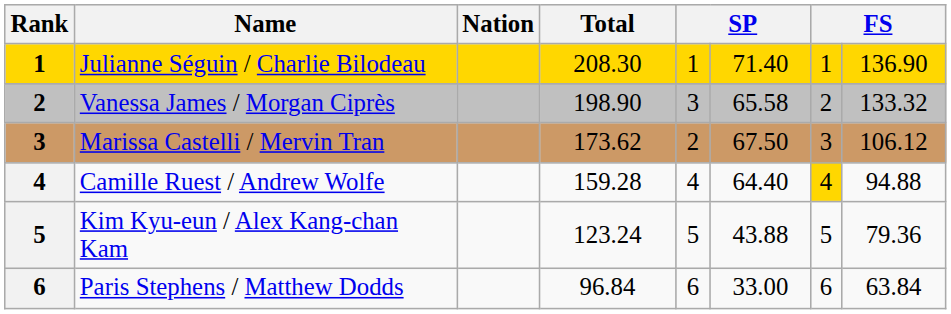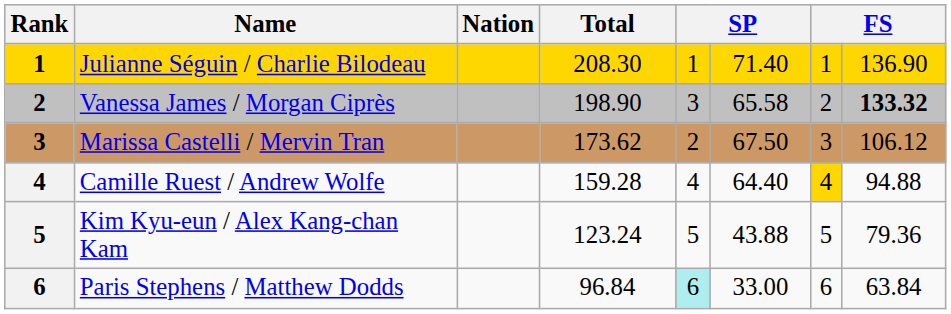 <table class="wikitable sortable">
 <tr>
 <th>Rank</th>
 <th>Name</th>
 <th>Nation</th>
 <th width="80px">Total</th>
 <th colspan="2" width="80px"><a href='#'>SP</a></th>
 <th colspan="2" width="80px"><a href='#'>FS</a></th>
 </tr>
 <tr bgcolor="gold">
 <td align="center"><strong>1</strong></td>
 <td><a href='#'>Julianne Séguin</a> / <a href='#'>Charlie Bilodeau</a></td>
 <td></td>
 <td align="center">208.30</td>
 <td align="center">1</td>
 <td align="center">71.40</td>
 <td align="center">1</td>
 <td align="center">136.90</td>
 </tr>
 <tr bgcolor="silver">
 <td align="center"><strong>2</strong></td>
 <td><a href='#'>Vanessa James</a> / <a href='#'>Morgan Ciprès</a></td>
 <td></td>
 <td align="center">198.90</td>
 <td align="center">3</td>
 <td align="center">65.58</td>
 <td align="center">2</td>
-<td align="center">133.32</td>
+<td align="center"><strong>133.32</strong></td>
 </tr>
 <tr bgcolor="cc9966">
 <td align="center"><strong>3</strong></td>
 <td><a href='#'>Marissa Castelli</a> / <a href='#'>Mervin Tran</a></td>
 <td></td>
 <td align="center">173.62</td>
 <td align="center">2</td>
 <td align="center">67.50</td>
 <td align="center">3</td>
 <td align="center">106.12</td>
 </tr>
 <tr>
 <th>4</th>
 <td><a href='#'>Camille Ruest</a> / <a href='#'>Andrew Wolfe</a></td>
 <td></td>
 <td align="center">159.28</td>
 <td align="center">4</td>
 <td align="center">64.40</td>
 <td align="center" style="background: gold;">4</td>
 <td align="center">94.88</td>
 </tr>
 <tr>
 <th>5</th>
 <td><a href='#'>Kim Kyu-eun</a> / <a href='#'>Alex Kang-chan Kam</a></td>
 <td></td>
 <td align="center">123.24</td>
 <td align="center">5</td>
 <td align="center">43.88</td>
 <td align="center">5</td>
 <td align="center">79.36</td>
 </tr>
 <tr>
 <th>6</th>
 <td><a href='#'>Paris Stephens</a> / <a href='#'>Matthew Dodds</a></td>
 <td></td>
 <td align="center">96.84</td>
-<td align="center">6</td>
+<td align="center" style="background: paleturquoise;">6</td>
 <td align="center">33.00</td>
 <td align="center">6</td>
 <td align="center">63.84</td>
 </tr>
 </table>
